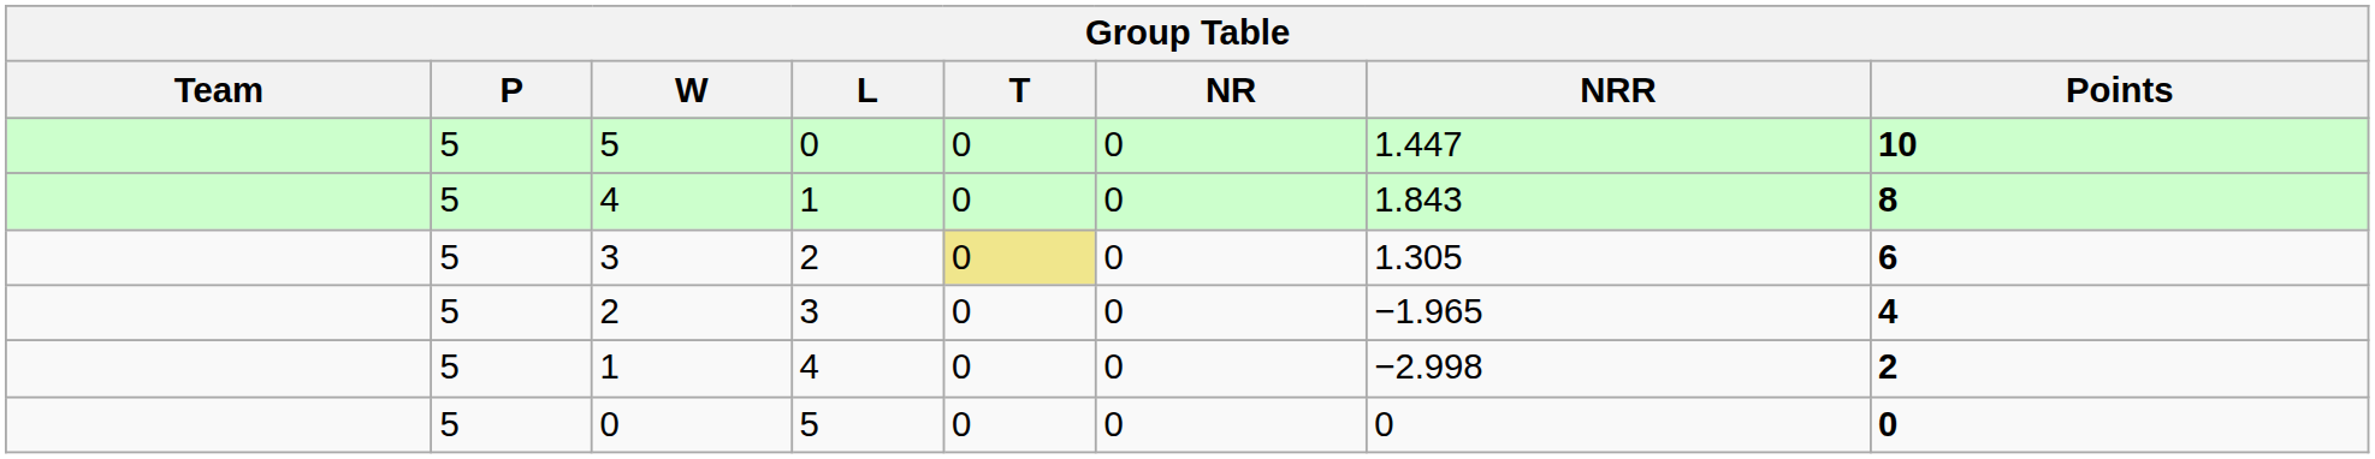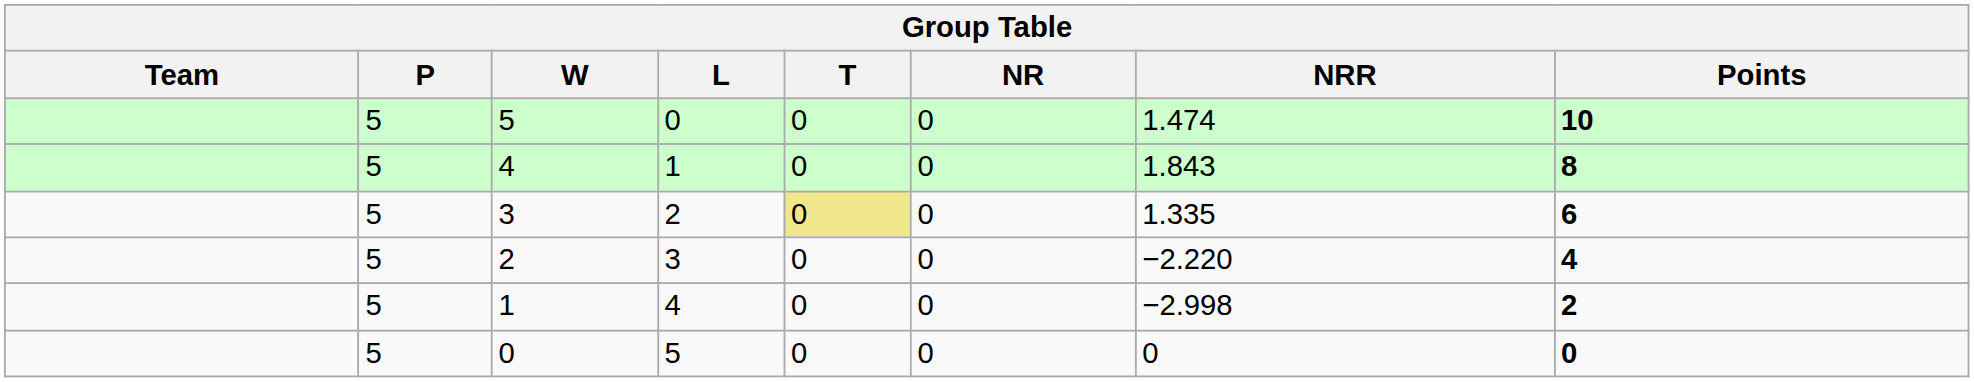 <table class="wikitable" width=85%>
 <tr>
 <th colspan="8">Group Table</th>
 </tr>
 <tr>
 <th>Team</th>
 <th>P</th>
 <th>W</th>
 <th>L</th>
 <th>T</th>
 <th>NR</th>
 <th>NRR</th>
 <th>Points</th>
 </tr>
 <tr style="background:#ccffcc">
 <td align=left></td>
 <td>5</td>
 <td>5</td>
 <td>0</td>
 <td>0</td>
 <td>0</td>
-<td>1.447</td>
+<td>1.474</td>
 <td><strong>10</strong></td>
 </tr>
 <tr style="background:#ccffcc">
 <td align=left></td>
 <td>5</td>
 <td>4</td>
 <td>1</td>
 <td>0</td>
 <td>0</td>
 <td>1.843</td>
 <td><strong>8</strong></td>
 </tr>
 <tr>
 <td align=left></td>
 <td>5</td>
 <td>3</td>
 <td>2</td>
 <td style="background: khaki;">0</td>
 <td>0</td>
-<td>1.305</td>
+<td>1.335</td>
 <td><strong>6</strong></td>
 </tr>
 <tr>
 <td align=left></td>
 <td>5</td>
 <td>2</td>
 <td>3</td>
 <td>0</td>
 <td>0</td>
-<td>−1.965</td>
+<td>−2.220</td>
 <td><strong>4</strong></td>
 </tr>
 <tr>
 <td align=left></td>
 <td>5</td>
 <td>1</td>
 <td>4</td>
 <td>0</td>
 <td>0</td>
 <td>−2.998</td>
 <td><strong>2</strong></td>
 </tr>
 <tr>
 <td align=left></td>
 <td>5</td>
 <td>0</td>
 <td>5</td>
 <td>0</td>
 <td>0</td>
 <td>0</td>
 <td><strong>0</strong></td>
 </tr>
 </table>
